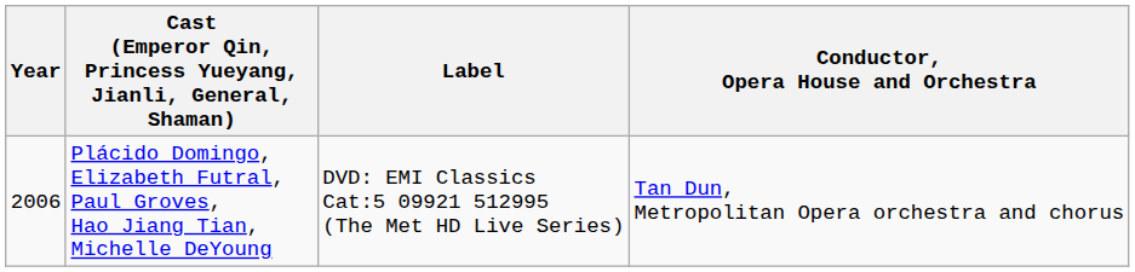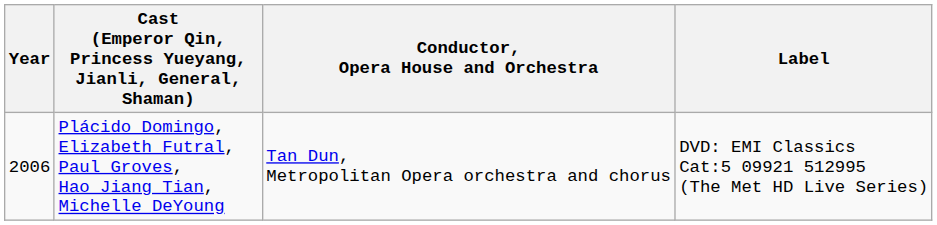 <table class="wikitable">
 <tr>
 <th>Year</th>
 <th style="width:150px;">Cast <br>(Emperor Qin, Princess Yueyang, Jianli, General, Shaman)</th>
+<th>Conductor,<br> Opera House and Orchestra</th>
 <th>Label</th>
-<th>Conductor,<br> Opera House and Orchestra</th>
 </tr>
 <tr>
 <td>2006</td>
 <td><a href='#'>Plácido Domingo</a>,<br><a href='#'>Elizabeth Futral</a>,<br><a href='#'>Paul Groves</a>,<br><a href='#'>Hao Jiang Tian</a>,<br><a href='#'>Michelle DeYoung</a></td>
+<td><a href='#'>Tan Dun</a>,<br>Metropolitan Opera orchestra and chorus</td>
 <td>DVD: EMI Classics<br>Cat:5 09921 512995<br>(The Met HD Live Series)</td>
-<td><a href='#'>Tan Dun</a>,<br>Metropolitan Opera orchestra and chorus</td>
 </tr>
 </table>
